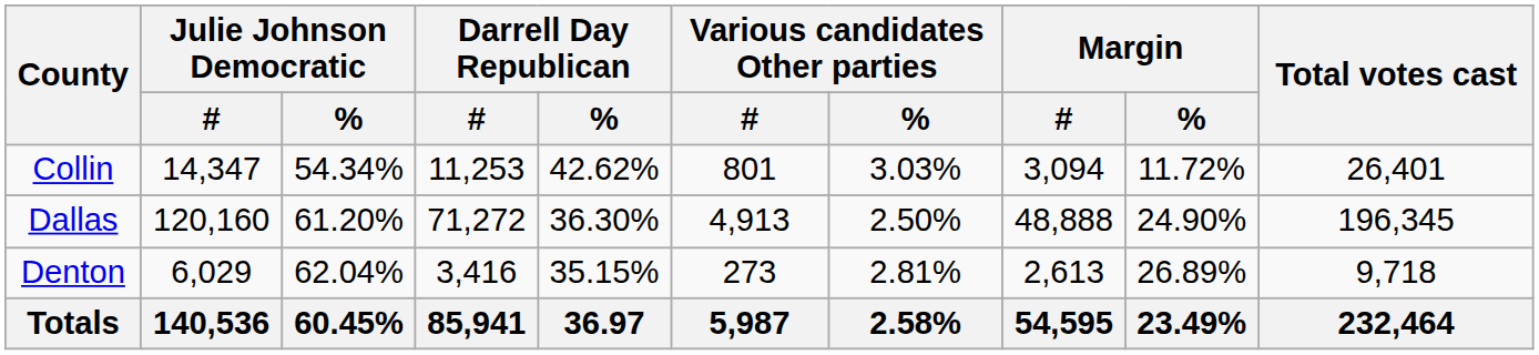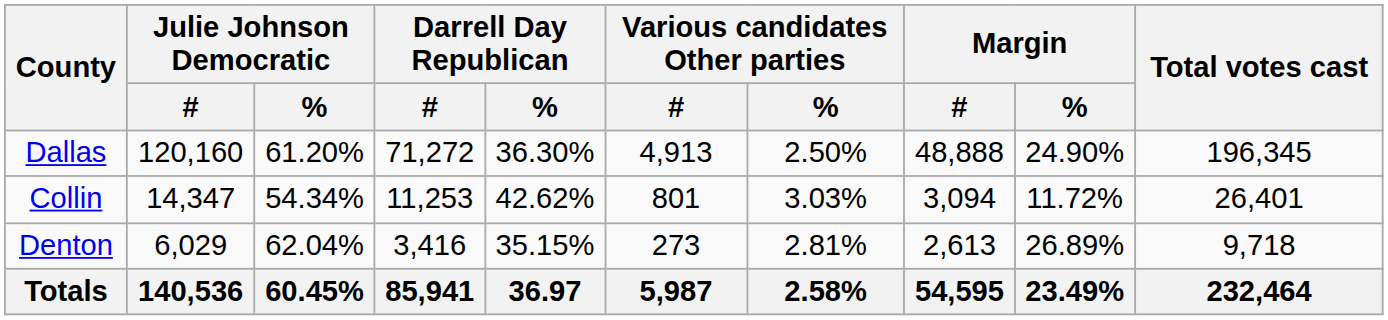 <table width="60%"  class="wikitable sortable" style="text-align:center">
 <tr>
 <th rowspan="2">County</th>
 <th style="text-align:center;" colspan="2">Julie Johnson<br>Democratic</th>
 <th style="text-align:center;" colspan="2">Darrell Day<br>Republican</th>
 <th style="text-align:center;" colspan="2">Various candidates<br>Other parties</th>
 <th style="text-align:center;" colspan="2">Margin</th>
 <th rowspan="2" style="text-align:center;">Total votes cast</th>
 </tr>
 <tr>
 <th style="text-align:center;" data-sort-type="number">#</th>
 <th style="text-align:center;" data-sort-type="number">%</th>
 <th style="text-align:center;" data-sort-type="number">#</th>
 <th style="text-align:center;" data-sort-type="number">%</th>
 <th style="text-align:center;" data-sort-type="number">#</th>
 <th style="text-align:center;" data-sort-type="number">%</th>
 <th style="text-align:center;" data-sort-type="number">#</th>
 <th style="text-align:center;" data-sort-type="number">%</th>
 </tr>
 <tr style="text-align:center;">
+<td style="color:black;background-color:"><a href='#'>Dallas</a></td>
+<td style="color:black;background-color:">120,160</td>
+<td style="color:black;background-color:">61.20%</td>
+<td style="background-color:">71,272</td>
+<td style="background-color:">36.30%</td>
+<td style="background:">4,913</td>
+<td style="background:">2.50%</td>
+<td style="color:black;background-color:">48,888</td>
+<td style="color:black;background-color:">24.90%</td>
+<td style="color:black;background-color:">196,345</td>
+</tr>
+<tr style="text-align:center;">
 <td style="color:black;background-color:"><a href='#'>Collin</a></td>
 <td style="color:black;background-color:">14,347</td>
 <td style="color:black;background-color:">54.34%</td>
 <td style="background-color:">11,253</td>
 <td style="background-color:">42.62%</td>
 <td style="background:">801</td>
 <td style="background:">3.03%</td>
 <td style="color:black;background-color:">3,094</td>
 <td style="color:black;background-color:">11.72%</td>
 <td style="color:black;background-color:">26,401</td>
-</tr>
-<tr style="text-align:center;">
-<td style="color:black;background-color:"><a href='#'>Dallas</a></td>
-<td style="color:black;background-color:">120,160</td>
-<td style="color:black;background-color:">61.20%</td>
-<td style="background-color:">71,272</td>
-<td style="background-color:">36.30%</td>
-<td style="background:">4,913</td>
-<td style="background:">2.50%</td>
-<td style="color:black;background-color:">48,888</td>
-<td style="color:black;background-color:">24.90%</td>
-<td style="color:black;background-color:">196,345</td>
 </tr>
 <tr style="text-align:center;">
 <td style="color:black;background-color:"><a href='#'>Denton</a></td>
 <td style="color:black;background-color:">6,029</td>
 <td style="color:black;background-color:">62.04%</td>
 <td style="background-color:">3,416</td>
 <td style="background-color:">35.15%</td>
 <td style="background:">273</td>
 <td style="background:">2.81%</td>
 <td style="color:black;background-color:">2,613</td>
 <td style="color:black;background-color:">26.89%</td>
 <td style="color:black;background-color:">9,718</td>
 </tr>
 <tr style="text-align:center;">
 <th>Totals</th>
 <th>140,536</th>
 <th>60.45%</th>
 <th>85,941</th>
 <th>36.97</th>
 <th>5,987</th>
 <th>2.58%</th>
 <th>54,595</th>
 <th>23.49%</th>
 <th>232,464</th>
 </tr>
 </table>
